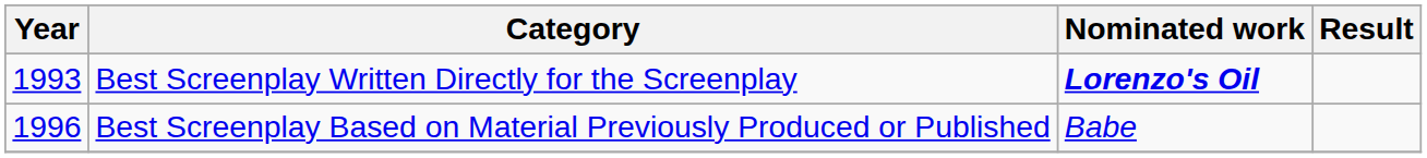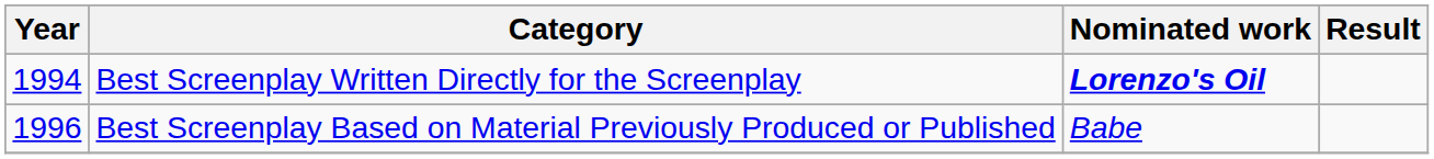 <table class="wikitable">
 <tr>
 <th>Year</th>
 <th>Category</th>
 <th>Nominated work</th>
 <th>Result</th>
 </tr>
 <tr>
-<td><a href='#'>1993</a></td>
+<td><a href='#'>1994</a></td>
 <td><a href='#'>Best Screenplay Written Directly for the Screenplay</a></td>
 <td><strong><em><a href='#'>Lorenzo's Oil</a></em></strong></td>
 <td></td>
 </tr>
 <tr>
 <td><a href='#'>1996</a></td>
 <td><a href='#'>Best Screenplay Based on Material Previously Produced or Published</a></td>
 <td><em><a href='#'>Babe</a></em></td>
 <td></td>
 </tr>
 <tr>
 </tr>
 </table>
